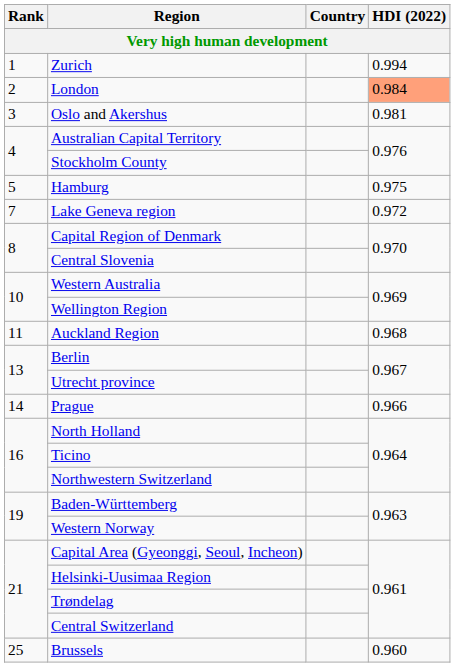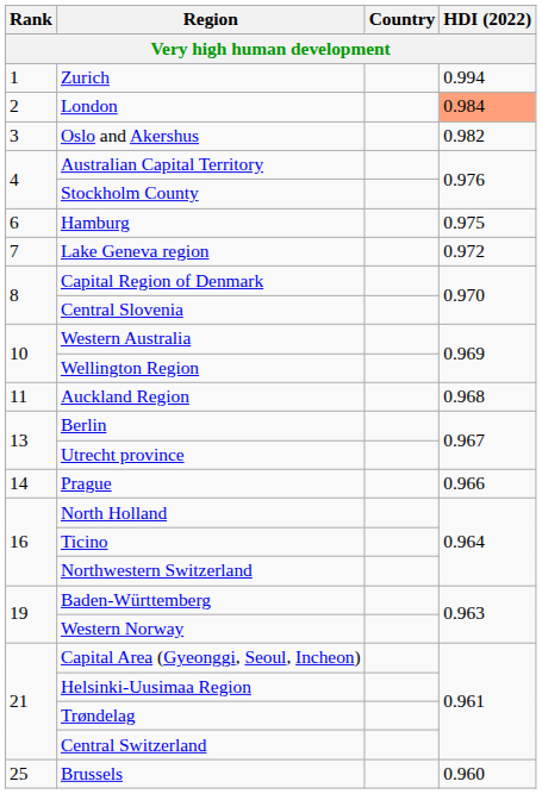 <table class="wikitable sortable">
 <tr>
 <th class="sort">Rank</th>
 <th class="sort">Region</th>
 <th>Country</th>
 <th class="sort">HDI (2022)</th>
 </tr>
 <tr>
 <th colspan="4" style="color:#090;">Very high human development</th>
 </tr>
 <tr>
 <td>1</td>
 <td style="“text-align:left”"><a href='#'>Zurich</a></td>
 <td></td>
 <td>0.994</td>
 </tr>
 <tr>
 <td>2</td>
 <td style="text-align:left"><a href='#'>London</a></td>
 <td></td>
 <td style="background: lightsalmon;">0.984</td>
 </tr>
 <tr>
 <td>3</td>
 <td><a href='#'>Oslo</a> and <a href='#'>Akershus</a></td>
 <td></td>
-<td>0.981</td>
+<td>0.982</td>
 </tr>
 <tr>
 <td rowspan="2">4</td>
 <td><a href='#'>Australian Capital Territory</a></td>
 <td></td>
 <td rowspan="2">0.976</td>
 </tr>
 <tr>
 <td><a href='#'>Stockholm County</a></td>
 <td></td>
 </tr>
 <tr>
-<td>5</td>
+<td>6</td>
 <td style="text-align:left"><a href='#'>Hamburg</a></td>
 <td></td>
 <td>0.975</td>
 </tr>
 <tr>
 <td>7</td>
 <td><a href='#'>Lake Geneva region</a></td>
 <td></td>
 <td>0.972</td>
 </tr>
 <tr>
 <td rowspan="2">8</td>
 <td><a href='#'>Capital Region of Denmark</a></td>
 <td></td>
 <td rowspan="2">0.970</td>
 </tr>
 <tr>
 <td><a href='#'>Central Slovenia</a></td>
 <td></td>
 </tr>
 <tr>
 <td rowspan="2">10</td>
 <td><a href='#'>Western Australia</a></td>
 <td></td>
 <td rowspan="2">0.969</td>
 </tr>
 <tr>
 <td><a href='#'>Wellington Region</a></td>
 <td></td>
 </tr>
 <tr>
 <td>11</td>
 <td><a href='#'>Auckland Region</a></td>
 <td></td>
 <td>0.968</td>
 </tr>
 <tr>
 <td rowspan="2">13</td>
 <td><a href='#'>Berlin</a></td>
 <td></td>
 <td rowspan="2">0.967</td>
 </tr>
 <tr>
 <td><a href='#'>Utrecht province</a></td>
 <td></td>
 </tr>
 <tr>
 <td>14</td>
 <td><a href='#'>Prague</a></td>
 <td></td>
 <td>0.966</td>
 </tr>
 <tr>
 <td rowspan="3">16</td>
 <td><a href='#'>North Holland</a></td>
 <td></td>
 <td rowspan="3">0.964</td>
 </tr>
 <tr>
 <td><a href='#'>Ticino</a></td>
 <td></td>
 </tr>
 <tr>
 <td><a href='#'>Northwestern Switzerland</a></td>
 <td></td>
 </tr>
 <tr>
 <td rowspan="2">19</td>
 <td><a href='#'>Baden-Württemberg</a></td>
 <td></td>
 <td rowspan="2">0.963</td>
 </tr>
 <tr>
 <td><a href='#'>Western Norway</a></td>
 <td></td>
 </tr>
 <tr>
 <td rowspan="4">21</td>
 <td><a href='#'>Capital Area</a> (<a href='#'>Gyeonggi</a>, <a href='#'>Seoul</a>, <a href='#'>Incheon</a>)</td>
 <td></td>
 <td rowspan="4">0.961</td>
 </tr>
 <tr>
 <td><a href='#'>Helsinki-Uusimaa Region</a></td>
 <td></td>
 </tr>
 <tr>
 <td><a href='#'>Trøndelag</a></td>
 <td></td>
 </tr>
 <tr>
 <td><a href='#'>Central Switzerland</a></td>
 <td></td>
 </tr>
 <tr>
 <td>25</td>
 <td><a href='#'>Brussels</a></td>
 <td></td>
 <td>0.960</td>
 </tr>
 </table>
